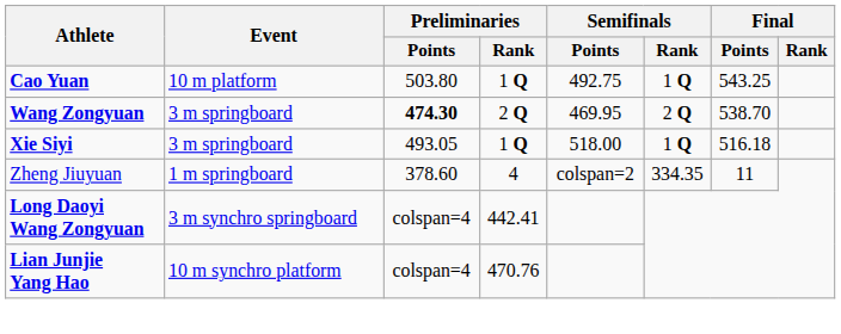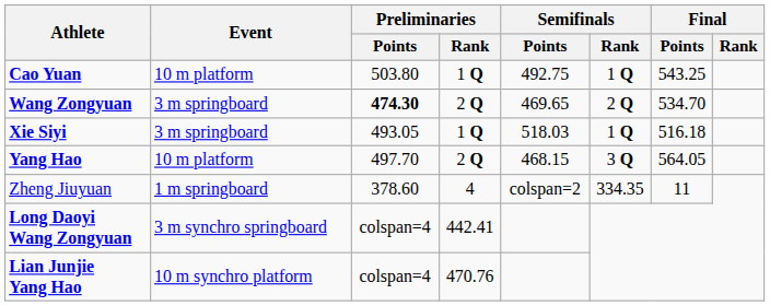 <table class="wikitable" style="text-align:center; font-size:90%; width:50%;">
 <tr>
 <th rowspan=2>Athlete</th>
 <th rowspan=2>Event</th>
 <th colspan=2>Preliminaries</th>
 <th colspan=2>Semifinals</th>
 <th colspan=2>Final</th>
 </tr>
 <tr style="font-size:95%">
 <th>Points</th>
 <th>Rank</th>
 <th>Points</th>
 <th>Rank</th>
 <th>Points</th>
 <th>Rank</th>
 </tr>
 <tr>
 <td align=left><strong><a href='#'>Cao Yuan</a></strong></td>
 <td align=left><a href='#'>10 m platform</a></td>
 <td>503.80</td>
 <td>1 <strong>Q</strong></td>
 <td>492.75</td>
 <td>1 <strong>Q</strong></td>
 <td>543.25</td>
 <td></td>
 </tr>
 <tr>
 <td align=left><strong><a href='#'>Wang Zongyuan</a></strong></td>
 <td align=left><a href='#'>3 m springboard</a></td>
 <td><strong>474.30</strong></td>
 <td>2 <strong>Q</strong></td>
-<td>469.95</td>
+<td>469.65</td>
 <td>2 <strong>Q</strong></td>
-<td>538.70</td>
+<td>534.70</td>
 <td></td>
 </tr>
 <tr>
 <td align=left><strong><a href='#'>Xie Siyi</a></strong></td>
 <td align=left><a href='#'>3 m springboard</a></td>
 <td>493.05</td>
 <td>1 <strong>Q</strong></td>
-<td>518.00</td>
+<td>518.03</td>
 <td>1 <strong>Q</strong></td>
 <td>516.18</td>
+<td></td>
+</tr>
+<tr>
+<td align=left><strong><a href='#'>Yang Hao</a></strong></td>
+<td align=left><a href='#'>10 m platform</a></td>
+<td>497.70</td>
+<td>2 <strong>Q</strong></td>
+<td>468.15</td>
+<td>3 <strong>Q</strong></td>
+<td>564.05</td>
 <td></td>
 </tr>
 <tr>
 <td align=left><a href='#'>Zheng Jiuyuan</a></td>
 <td align=left><a href='#'>1 m springboard</a></td>
 <td>378.60</td>
 <td>4</td>
 <td>colspan=2 </td>
 <td>334.35</td>
 <td>11</td>
 </tr>
 <tr>
 <td align=left><strong><a href='#'>Long Daoyi</a><br> <a href='#'>Wang Zongyuan</a></strong></td>
 <td align=left><a href='#'>3 m synchro springboard</a></td>
 <td>colspan=4 </td>
 <td>442.41</td>
 <td></td>
 </tr>
 <tr>
 <td align=left><strong><a href='#'>Lian Junjie</a><br> <a href='#'>Yang Hao</a></strong></td>
 <td align=left><a href='#'>10 m synchro platform</a></td>
 <td>colspan=4 </td>
 <td>470.76</td>
 <td></td>
 </tr>
 </table>
